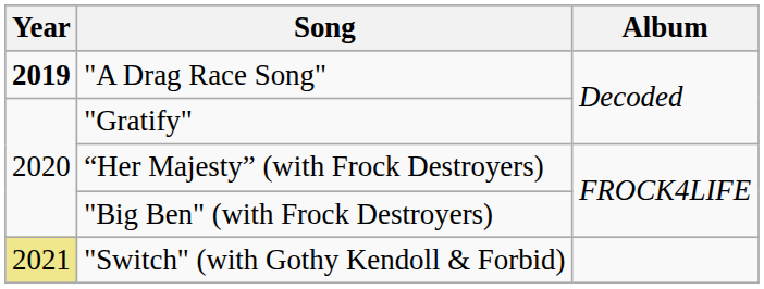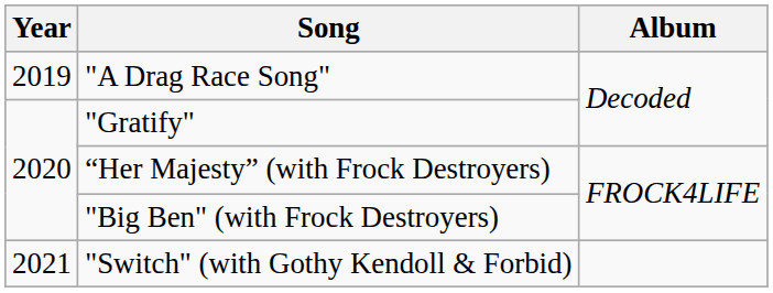 <table class="wikitable">
 <tr>
 <th>Year</th>
 <th>Song</th>
 <th>Album</th>
 </tr>
 <tr>
-<td><strong>2019</strong></td>
+<td>2019</td>
 <td>"A Drag Race Song"</td>
 <td rowspan =2><em>Decoded</em></td>
 </tr>
 <tr>
 <td rowspan =3>2020</td>
 <td>"Gratify"</td>
 </tr>
 <tr>
 <td>“Her Majesty” (with Frock Destroyers)</td>
 <td rowspan =2><em>FROCK4LIFE</em></td>
 </tr>
 <tr>
 <td>"Big Ben" (with Frock Destroyers)</td>
 </tr>
 <tr>
-<td style="background: khaki;">2021</td>
+<td>2021</td>
 <td>"Switch" (with Gothy Kendoll & Forbid)</td>
 <td></td>
 </tr>
 </table>
